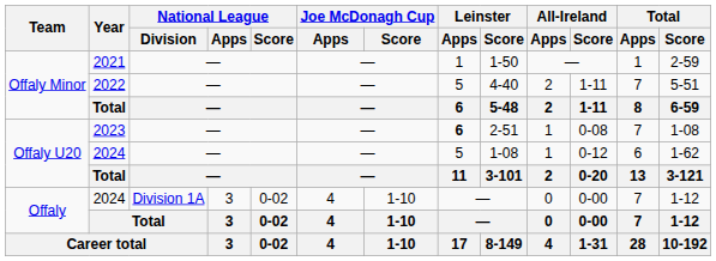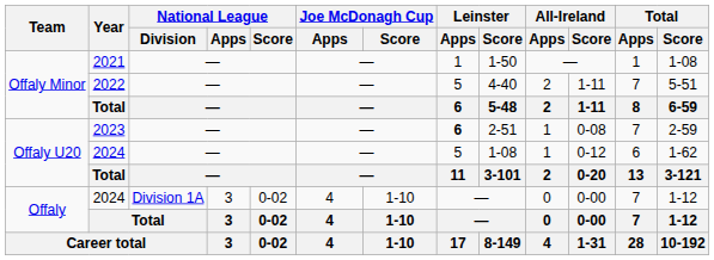 <table class="wikitable" style="text-align:center">
 <tr>
 <th rowspan="2">Team</th>
 <th rowspan="2">Year</th>
 <th colspan="3"><a href='#'>National League</a></th>
 <th colspan="2"><a href='#'>Joe McDonagh Cup</a></th>
 <th colspan="2">Leinster</th>
 <th colspan="2">All-Ireland</th>
 <th colspan="2">Total</th>
 </tr>
 <tr>
 <th>Division</th>
 <th>Apps</th>
 <th>Score</th>
 <th>Apps</th>
 <th>Score</th>
 <th>Apps</th>
 <th>Score</th>
 <th>Apps</th>
 <th>Score</th>
 <th>Apps</th>
 <th>Score</th>
 </tr>
 <tr>
 <td rowspan="3"><a href='#'>Offaly Minor</a></td>
 <td><a href='#'>2021</a></td>
 <td colspan=3>—</td>
 <td colspan=2>—</td>
 <td>1</td>
 <td>1-50</td>
 <td colspan=2>—</td>
 <td>1</td>
-<td>2-59</td>
+<td>1-08</td>
 </tr>
 <tr>
 <td><a href='#'>2022</a></td>
 <td colspan=3>—</td>
 <td colspan=2>—</td>
 <td>5</td>
 <td>4-40</td>
 <td>2</td>
 <td>1-11</td>
 <td>7</td>
 <td>5-51</td>
 </tr>
 <tr>
 <th>Total</th>
 <th colspan=3>—</th>
 <th colspan=2>—</th>
 <th>6</th>
 <th>5-48</th>
 <th>2</th>
 <th>1-11</th>
 <th>8</th>
 <th>6-59</th>
 </tr>
 <tr>
 <td rowspan="3"><a href='#'>Offaly U20</a></td>
 <td><a href='#'>2023</a></td>
 <td colspan=3>—</td>
 <td colspan=2>—</td>
 <td><strong>6</strong></td>
 <td>2-51</td>
 <td>1</td>
 <td>0-08</td>
 <td>7</td>
-<td>1-08</td>
+<td>2-59</td>
 </tr>
 <tr>
 <td><a href='#'>2024</a></td>
 <td colspan=3>—</td>
 <td colspan=2>—</td>
 <td>5</td>
 <td>1-08</td>
 <td>1</td>
 <td>0-12</td>
 <td>6</td>
 <td>1-62</td>
 </tr>
 <tr>
 <th>Total</th>
 <th colspan=3>—</th>
 <th colspan=2>—</th>
 <th>11</th>
 <th>3-101</th>
 <th>2</th>
 <th>0-20</th>
 <th>13</th>
 <th>3-121</th>
 </tr>
 <tr>
 <td rowspan="2"><a href='#'>Offaly</a></td>
 <td>2024</td>
 <td rowspan="1"><a href='#'>Division 1A</a></td>
 <td>3</td>
 <td>0-02</td>
 <td>4</td>
 <td>1-10</td>
 <td colspan=2>—</td>
 <td>0</td>
 <td>0-00</td>
 <td>7</td>
 <td>1-12</td>
 </tr>
 <tr>
 <th colspan="2">Total</th>
 <th>3</th>
 <th>0-02</th>
 <th>4</th>
 <th>1-10</th>
 <th colspan=2>—</th>
 <th>0</th>
 <th>0-00</th>
 <th>7</th>
 <th>1-12</th>
 </tr>
 <tr>
 <th colspan="3">Career total</th>
 <th>3</th>
 <th>0-02</th>
 <th>4</th>
 <th>1-10</th>
 <th>17</th>
 <th>8-149</th>
 <th>4</th>
 <th>1-31</th>
 <th>28</th>
 <th>10-192</th>
 </tr>
 </table>
